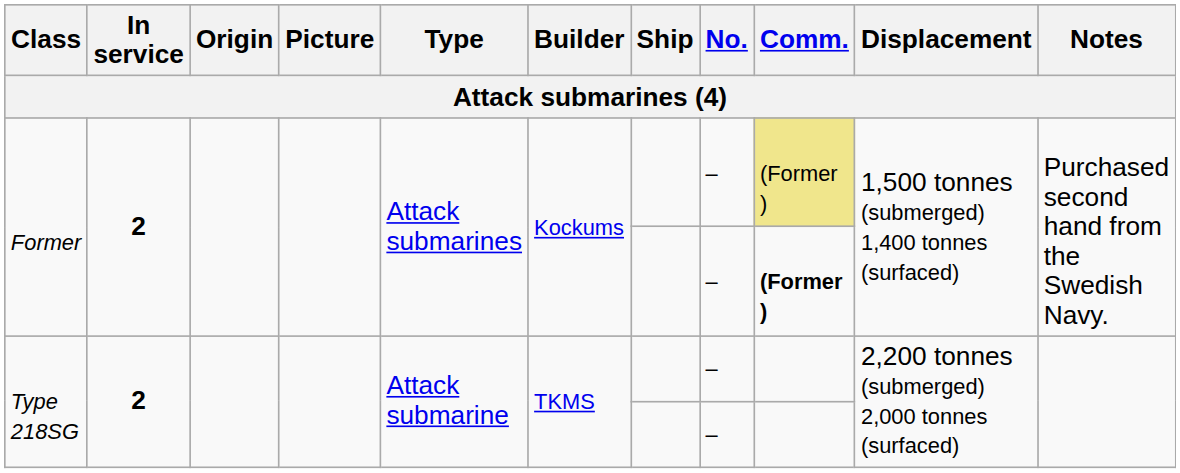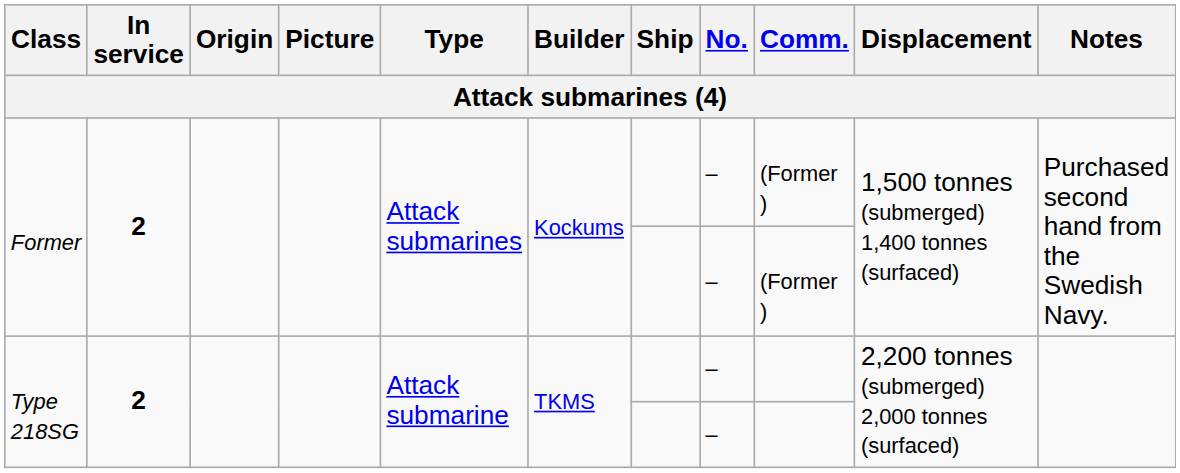 <table class="wikitable">
 <tr>
 <th>Class</th>
 <th>In service</th>
 <th>Origin</th>
 <th>Picture</th>
 <th>Type</th>
 <th>Builder</th>
 <th>Ship</th>
 <th><a href='#'>No.</a></th>
 <th><a href='#'>Comm.</a></th>
 <th>Displacement</th>
 <th>Notes</th>
 </tr>
 <tr>
 <th colspan="11">Attack submarines (4)</th>
 </tr>
 <tr>
 <td rowspan="2"><strong></strong><br><small><em>Former </em></small></td>
 <td rowspan="2" style="text-align: center;"><strong>2</strong></td>
 <td rowspan="2"></td>
 <td rowspan="2"></td>
 <td rowspan="2"><a href='#'>Attack submarines</a></td>
 <td rowspan="2"><small><a href='#'>Kockums</a></small></td>
 <td><small></small></td>
 <td><small>–</small></td>
-<td style="background: khaki;"><small></small><br><small>(Former )</small></td>
+<td><small></small><br><small>(Former )</small></td>
 <td rowspan="2">1,500 tonnes <small>(submerged)</small><br><small>1,400 tonnes (surfaced)</small></td>
 <td rowspan="2"><br>Purchased second hand from the Swedish Navy.</td>
 </tr>
 <tr>
 <td><small></small></td>
 <td><small>–</small></td>
-<td><strong><small></small><br><small>(Former )</small></strong></td>
+<td><small></small><br><small>(Former )</small></td>
 </tr>
 <tr>
 <td rowspan="2"><strong></strong><br><small><em>Type 218SG</em></small></td>
 <td rowspan="2" style="text-align: center;"><strong>2</strong></td>
 <td rowspan="2"></td>
 <td rowspan="2"></td>
 <td rowspan="2"><a href='#'>Attack submarine</a></td>
 <td rowspan="2"><a href='#'><small>TKMS</small></a></td>
 <td><small></small></td>
 <td><small>–</small></td>
 <td><small></small></td>
 <td rowspan="2">2,200 tonnes <small>(submerged)</small><br><small>2,000 tonnes (surfaced)</small></td>
 <td rowspan="2"></td>
 </tr>
 <tr>
 <td><small></small></td>
 <td><small>–</small></td>
 <td><small></small></td>
 </tr>
 </table>
